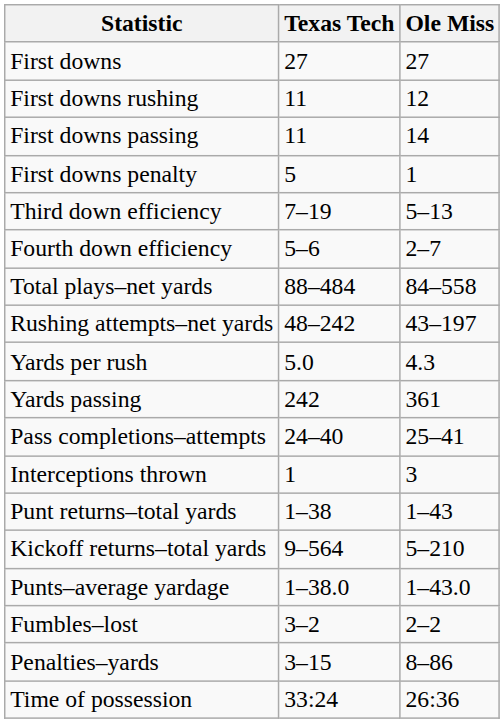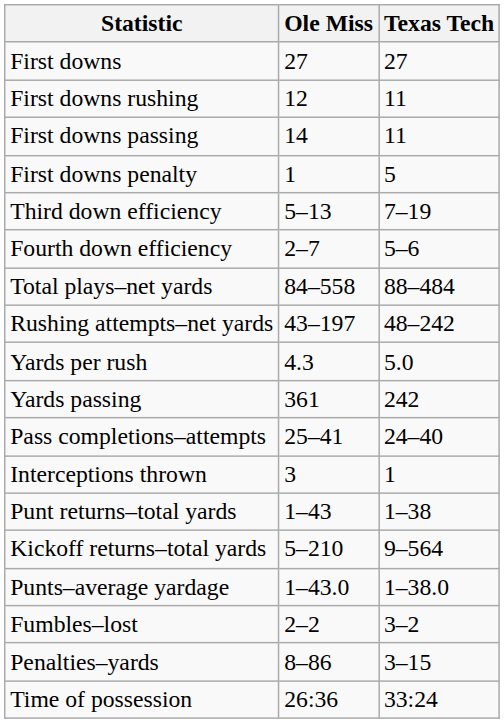 <table class="wikitable">
 <tr>
 <th>Statistic</th>
+<th><strong>Ole Miss</strong></th>
 <th><strong>Texas Tech</strong></th>
-<th><strong>Ole Miss</strong></th>
 </tr>
 <tr>
 <td>First downs</td>
 <td>27</td>
 <td>27</td>
 </tr>
 <tr>
 <td>First downs rushing</td>
+<td>12</td>
 <td>11</td>
-<td>12</td>
 </tr>
 <tr>
 <td>First downs passing</td>
+<td>14</td>
 <td>11</td>
-<td>14</td>
 </tr>
 <tr>
 <td>First downs penalty</td>
+<td>1</td>
 <td>5</td>
+</tr>
+<tr>
+<td>Third down efficiency</td>
+<td>5–13</td>
+<td>7–19</td>
+</tr>
+<tr>
+<td>Fourth down efficiency</td>
+<td>2–7</td>
+<td>5–6</td>
+</tr>
+<tr>
+<td>Total plays–net yards</td>
+<td>84–558</td>
+<td>88–484</td>
+</tr>
+<tr>
+<td>Rushing attempts–net yards</td>
+<td>43–197</td>
+<td>48–242</td>
+</tr>
+<tr>
+<td>Yards per rush</td>
+<td>4.3</td>
+<td>5.0</td>
+</tr>
+<tr>
+<td>Yards passing</td>
+<td>361</td>
+<td>242</td>
+</tr>
+<tr>
+<td>Pass completions–attempts</td>
+<td>25–41</td>
+<td>24–40</td>
+</tr>
+<tr>
+<td>Interceptions thrown</td>
+<td>3</td>
 <td>1</td>
 </tr>
 <tr>
-<td>Third down efficiency</td>
-<td>7–19</td>
-<td>5–13</td>
-</tr>
-<tr>
-<td>Fourth down efficiency</td>
-<td>5–6</td>
-<td>2–7</td>
-</tr>
-<tr>
-<td>Total plays–net yards</td>
-<td>88–484</td>
-<td>84–558</td>
-</tr>
-<tr>
-<td>Rushing attempts–net yards</td>
-<td>48–242</td>
-<td>43–197</td>
-</tr>
-<tr>
-<td>Yards per rush</td>
-<td>5.0</td>
-<td>4.3</td>
-</tr>
-<tr>
-<td>Yards passing</td>
-<td>242</td>
-<td>361</td>
-</tr>
-<tr>
-<td>Pass completions–attempts</td>
-<td>24–40</td>
-<td>25–41</td>
-</tr>
-<tr>
-<td>Interceptions thrown</td>
-<td>1</td>
-<td>3</td>
-</tr>
-<tr>
 <td>Punt returns–total yards</td>
+<td>1–43</td>
 <td>1–38</td>
-<td>1–43</td>
 </tr>
 <tr>
 <td>Kickoff returns–total yards</td>
+<td>5–210</td>
 <td>9–564</td>
-<td>5–210</td>
 </tr>
 <tr>
 <td>Punts–average yardage</td>
+<td>1–43.0</td>
 <td>1–38.0</td>
-<td>1–43.0</td>
 </tr>
 <tr>
 <td>Fumbles–lost</td>
+<td>2–2</td>
 <td>3–2</td>
-<td>2–2</td>
 </tr>
 <tr>
 <td>Penalties–yards</td>
+<td>8–86</td>
 <td>3–15</td>
-<td>8–86</td>
 </tr>
 <tr>
 <td>Time of possession</td>
+<td>26:36</td>
 <td>33:24</td>
-<td>26:36</td>
 </tr>
 </table>
